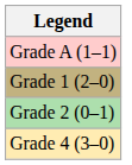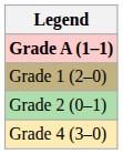 <table class="wikitable" style="font-size:90%">
 <tr>
 <th scope="col">Legend</th>
 </tr>
 <tr style="background:#ffcccc">
-<td>Grade A (1–1)</td>
+<td><strong>Grade A (1–1)</strong></td>
 </tr>
 <tr style="background:#C2B280">
 <td>Grade 1 (2–0)</td>
 </tr>
 <tr style="background:#ADDFAD">
 <td>Grade 2 (0–1)</td>
 </tr>
 <tr style="background:#ffecb2">
 <td>Grade 4 (3–0)</td>
 </tr>
 </table>
